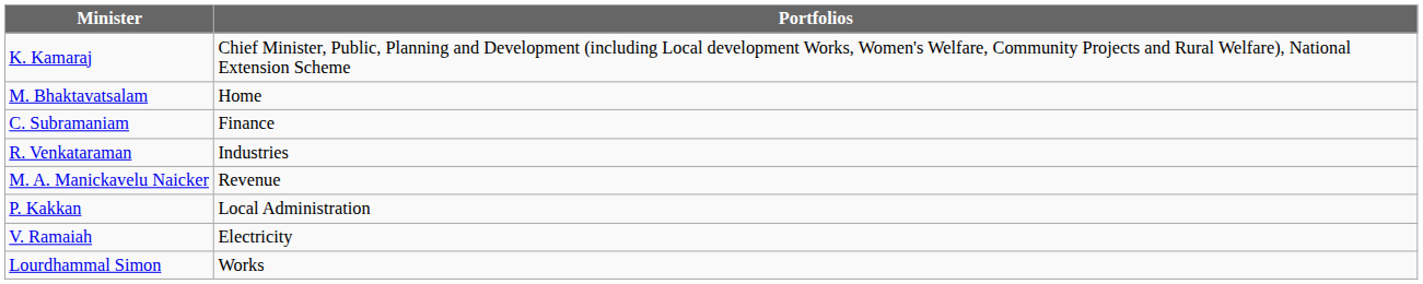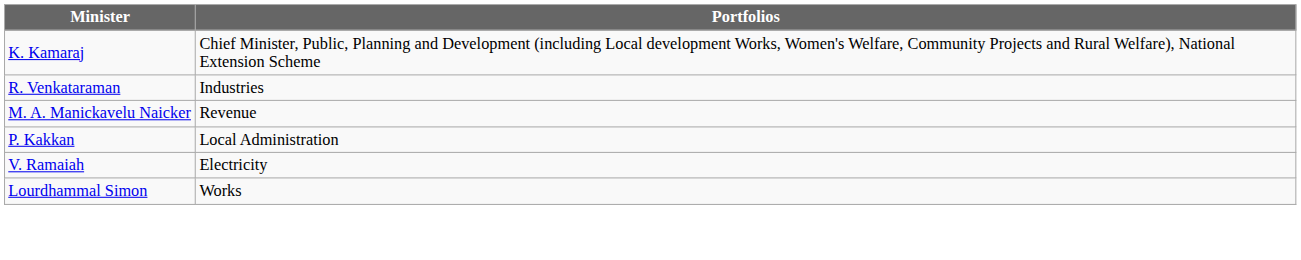 <table class="wikitable" width="80%" style="font-size: x-big; font-family: verdana">
 <tr>
 <th style="background-color:#666666; color:white; width:180px">Minister</th>
 <th style="background-color:#666666; color:white">Portfolios</th>
 </tr>
 <tr -->
 <td><a href='#'>K. Kamaraj</a></td>
 <td>Chief Minister, Public, Planning and Development (including Local development Works, Women's Welfare, Community Projects and Rural Welfare), National Extension Scheme</td>
-</tr>
-<tr -->
-<td><a href='#'>M. Bhaktavatsalam</a></td>
-<td>Home</td>
-</tr>
-<tr -->
-<td><a href='#'>C. Subramaniam</a></td>
-<td>Finance</td>
 </tr>
 <tr -->
 <td><a href='#'>R. Venkataraman</a></td>
 <td>Industries</td>
 </tr>
 <tr -->
 <td><a href='#'>M. A. Manickavelu Naicker</a></td>
 <td>Revenue</td>
 </tr>
 <tr -->
 <td><a href='#'>P. Kakkan</a></td>
 <td>Local Administration</td>
 </tr>
 <tr -->
 <td><a href='#'>V. Ramaiah</a></td>
 <td>Electricity</td>
 </tr>
 <tr -->
 <td><a href='#'>Lourdhammal Simon</a></td>
 <td>Works</td>
 </tr>
 </table>
